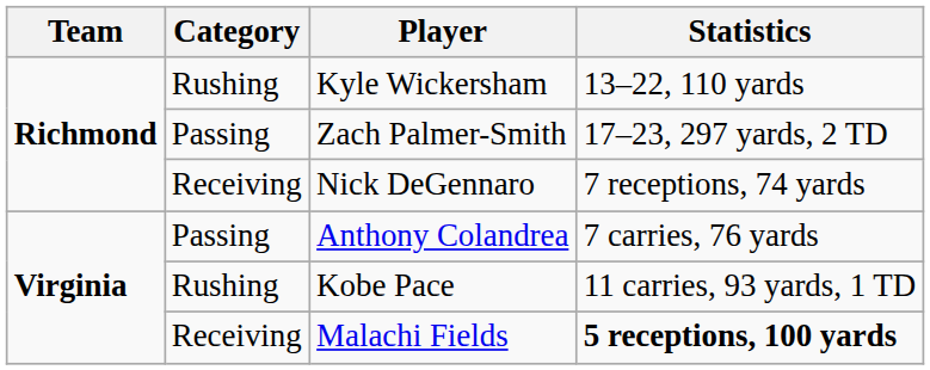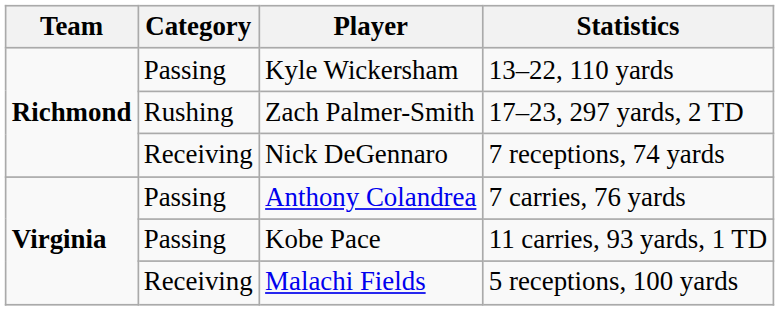 <table class="wikitable" style="float: right;">
 <tr>
 <th>Team</th>
 <th>Category</th>
 <th>Player</th>
 <th>Statistics</th>
 </tr>
 <tr>
 <td rowspan=3><strong>Richmond</strong></td>
-<td>Rushing</td>
+<td>Passing</td>
 <td>Kyle Wickersham</td>
 <td>13–22, 110 yards</td>
 </tr>
 <tr>
-<td>Passing</td>
+<td>Rushing</td>
 <td>Zach Palmer-Smith</td>
 <td>17–23, 297 yards, 2 TD</td>
 </tr>
 <tr>
 <td>Receiving</td>
 <td>Nick DeGennaro</td>
 <td>7 receptions, 74 yards</td>
 </tr>
 <tr>
 <td rowspan=3><strong>Virginia</strong></td>
 <td>Passing</td>
 <td><a href='#'>Anthony Colandrea</a></td>
 <td>7 carries, 76 yards</td>
 </tr>
 <tr>
-<td>Rushing</td>
+<td>Passing</td>
 <td>Kobe Pace</td>
 <td>11 carries, 93 yards, 1 TD</td>
 </tr>
 <tr>
 <td>Receiving</td>
 <td><a href='#'>Malachi Fields</a></td>
-<td><strong>5 receptions, 100 yards</strong></td>
+<td>5 receptions, 100 yards</td>
 </tr>
 </table>
